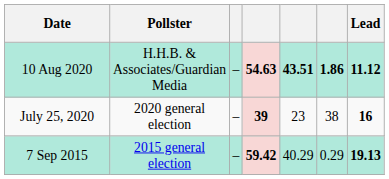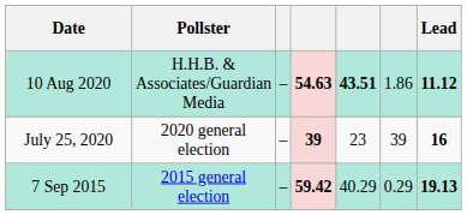 <table class="wikitable sortable collapsible" style="text-align:center;font-size:95%;">
 <tr style="height:42px;">
 <th style="width:110px;">Date</th>
 <th style="width:110px;">Pollster</th>
 <th data-sort-type="number"></th>
 <th class="unsortable" style="background:"><a href='#'></a></th>
 <th class="unsortable" style="background:"><a href='#'></a></th>
 <th class="unsortable" style="background:"></th>
 <th>Lead</th>
 </tr>
 <tr style="background:#b0e9db;">
 <td>10 Aug 2020</td>
 <td>H.H.B. & Associates/Guardian Media</td>
 <td>–</td>
 <td style="background:#F8D7D6;"><strong>54.63</strong></td>
 <td><strong>43.51</strong></td>
-<td><strong>1.86</strong></td>
+<td>1.86</td>
 <td style="background:"><strong>11.12</strong></td>
 </tr>
 <tr>
 <td>July 25, 2020</td>
 <td>2020 general election</td>
 <td>–</td>
 <td style="background:#F8D7D6;"><strong>39</strong></td>
 <td>23</td>
-<td>38</td>
+<td>39</td>
 <td style="background:"><strong>16</strong></td>
 </tr>
 <tr style="background:#b0e9db;">
 <td data-sort-value="2015-09-07">7 Sep 2015</td>
 <td><a href='#'>2015 general election</a></td>
 <td>–</td>
 <td style="background:#F8D7D6;"><strong>59.42</strong></td>
 <td>40.29</td>
 <td>0.29</td>
 <td style="background:"><strong>19.13</strong></td>
 </tr>
 </table>
